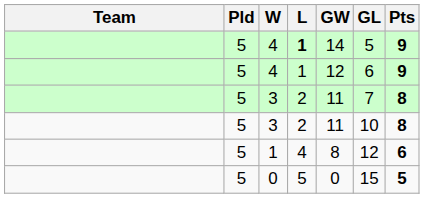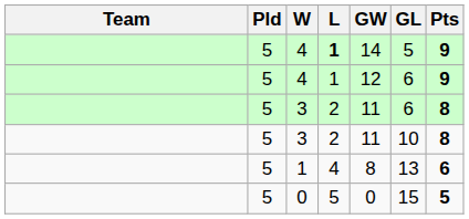 <table class="wikitable" style="text-align:center">
 <tr>
 <th width=200>Team</th>
 <th width=20>Pld</th>
 <th width=20>W</th>
 <th width=20>L</th>
 <th width=20>GW</th>
 <th width=20>GL</th>
 <th width=20>Pts</th>
 </tr>
 <tr bgcolor=ccffcc>
 <td style="text-align:left;"></td>
 <td>5</td>
 <td>4</td>
 <td><strong>1</strong></td>
 <td>14</td>
 <td>5</td>
 <td><strong>9</strong></td>
 </tr>
 <tr bgcolor=ccffcc>
 <td style="text-align:left;"></td>
 <td>5</td>
 <td>4</td>
 <td>1</td>
 <td>12</td>
 <td>6</td>
 <td><strong>9</strong></td>
 </tr>
 <tr bgcolor=ccffcc>
 <td style="text-align:left;"></td>
 <td>5</td>
 <td>3</td>
 <td>2</td>
 <td>11</td>
-<td>7</td>
+<td>6</td>
 <td><strong>8</strong></td>
 </tr>
 <tr>
 <td style="text-align:left;"></td>
 <td>5</td>
 <td>3</td>
 <td>2</td>
 <td>11</td>
 <td>10</td>
 <td><strong>8</strong></td>
 </tr>
 <tr>
 <td style="text-align:left;"></td>
 <td>5</td>
 <td>1</td>
 <td>4</td>
 <td>8</td>
-<td>12</td>
+<td>13</td>
 <td><strong>6</strong></td>
 </tr>
 <tr>
 <td style="text-align:left;"></td>
 <td>5</td>
 <td>0</td>
 <td>5</td>
 <td>0</td>
 <td>15</td>
 <td><strong>5</strong></td>
 </tr>
 </table>
